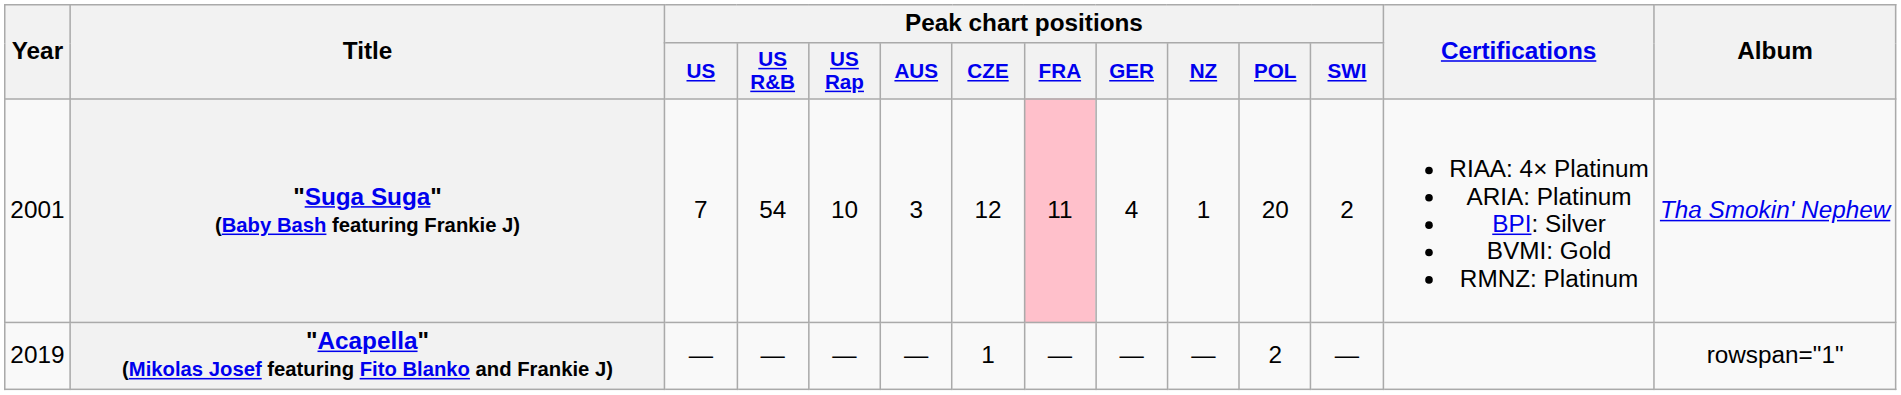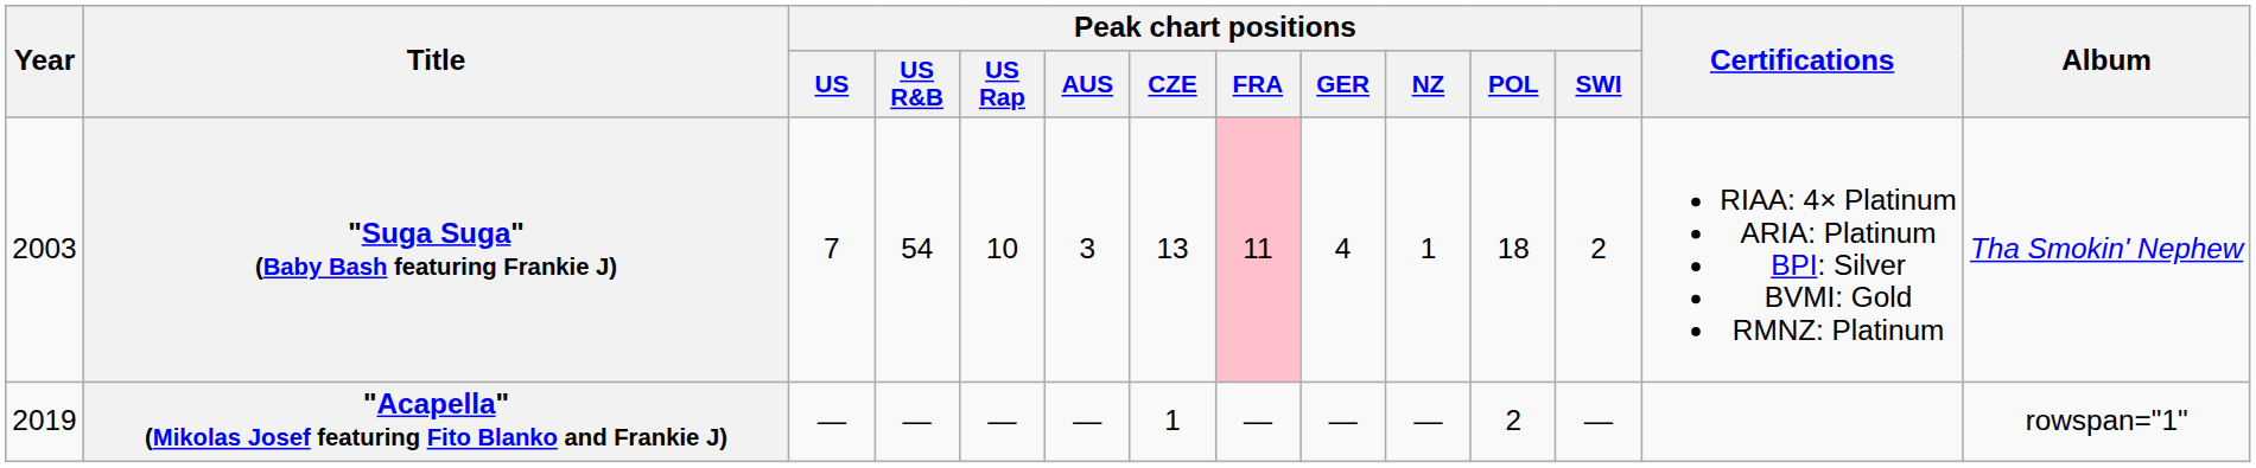 <table class="wikitable plainrowheaders" style="text-align:center;">
 <tr>
 <th scope="col" rowspan="2" style="width:1em;">Year</th>
 <th scope="col" rowspan="2" style="width:24em;">Title</th>
 <th colspan="10">Peak chart positions</th>
 <th rowspan="2"><a href='#'>Certifications</a></th>
 <th scope="col" rowspan="2">Album</th>
 </tr>
 <tr>
 <th scope="col" style="width:3em;font-size:85%;"><a href='#'>US</a></th>
 <th scope="col" style="width:3em;font-size:85%;"><a href='#'>US<br>R&B</a></th>
 <th scope="col" style="width:3em;font-size:85%;"><a href='#'>US<br>Rap</a></th>
 <th scope="col" style="width:3em;font-size:85%;"><a href='#'>AUS</a><br></th>
 <th scope="col" style="width:3em;font-size:85%;"><a href='#'>CZE</a></th>
 <th scope="col" style="width:3em;font-size:85%;"><a href='#'>FRA</a></th>
 <th scope="col" style="width:3em;font-size:85%;"><a href='#'>GER</a></th>
 <th scope="col" style="width:3em;font-size:85%;"><a href='#'>NZ</a></th>
 <th scope="col" style="width:3em;font-size:85%;"><a href='#'>POL</a></th>
 <th scope="col" style="width:3em;font-size:85%;"><a href='#'>SWI</a></th>
 </tr>
 <tr>
-<td>2001</td>
+<td>2003</td>
 <th scope="row">"<a href='#'>Suga Suga</a>"<br><small>(<a href='#'>Baby Bash</a> featuring Frankie J)</small></th>
 <td>7</td>
 <td>54</td>
 <td>10</td>
 <td>3</td>
-<td>12</td>
+<td>13</td>
 <td style="background: pink;">11</td>
 <td>4</td>
 <td>1</td>
-<td>20</td>
+<td>18</td>
 <td>2</td>
 <td><br><ul><li>RIAA: 4× Platinum</li><li>ARIA: Platinum</li><li><a href='#'>BPI</a>: Silver</li><li>BVMI: Gold</li><li>RMNZ: Platinum</li></ul></td>
 <td><em><a href='#'>Tha Smokin' Nephew</a></em></td>
 </tr>
 <tr>
 <td>2019</td>
 <th scope="row">"<a href='#'>Acapella</a>"<br><small>(<a href='#'>Mikolas Josef</a> featuring <a href='#'>Fito Blanko</a> and Frankie J)</small></th>
 <td>—</td>
 <td>—</td>
 <td>—</td>
 <td>—</td>
 <td>1</td>
 <td>—</td>
 <td>—</td>
 <td>—</td>
 <td>2</td>
 <td>—</td>
 <td></td>
 <td>rowspan="1" </td>
 </tr>
 </table>
